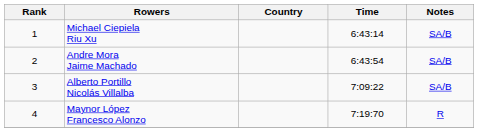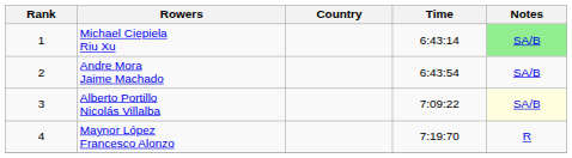 <table class="wikitable" width=60% style="text-align:center">
 <tr>
 <th>Rank</th>
 <th>Rowers</th>
 <th>Country</th>
 <th>Time</th>
 <th>Notes</th>
 </tr>
 <tr>
 <td>1</td>
 <td align=left><a href='#'>Michael Ciepiela</a><br><a href='#'>Riu Xu</a></td>
 <td align=left></td>
 <td>6:43:14</td>
-<td><a href='#'>SA/B</a></td>
+<td style="background: lightgreen;"><a href='#'>SA/B</a></td>
 </tr>
 <tr>
 <td>2</td>
 <td align=left><a href='#'>Andre Mora</a><br><a href='#'>Jaime Machado</a></td>
 <td align=left></td>
 <td>6:43:54</td>
 <td><a href='#'>SA/B</a></td>
 </tr>
 <tr>
 <td>3</td>
 <td align=left><a href='#'>Alberto Portillo</a><br><a href='#'>Nicolás Villalba</a></td>
 <td align=left></td>
 <td>7:09:22</td>
-<td><a href='#'>SA/B</a></td>
+<td style="background: lightyellow;"><a href='#'>SA/B</a></td>
 </tr>
 <tr>
 <td>4</td>
 <td align=left><a href='#'>Maynor López</a><br><a href='#'>Francesco Alonzo</a></td>
 <td align=left></td>
 <td>7:19:70</td>
 <td><a href='#'>R</a></td>
 </tr>
 <tr>
 </tr>
 </table>
